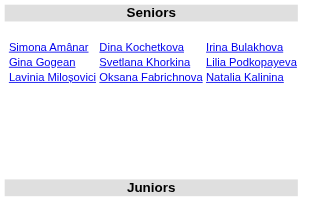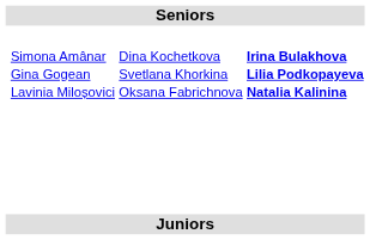 <table>
 <tr bgcolor="DFDFDF">
 <td colspan="5" align="center"><strong>Seniors</strong></td>
 </tr>
 <tr>
 <th scope=row style="text-align:left"><br></th>
 <td><br><small><a href='#'>Simona Amânar</a><br><a href='#'>Gina Gogean</a><br><a href='#'>Lavinia Miloșovici</a></small></td>
 <td><br><small><a href='#'>Dina Kochetkova</a><br><a href='#'>Svetlana Khorkina</a><br><a href='#'>Oksana Fabrichnova</a></small></td>
-<td><br><small><a href='#'>Irina Bulakhova</a><br><a href='#'>Lilia Podkopayeva</a><br><a href='#'>Natalia Kalinina</a></small></td>
+<td><strong><br><small><a href='#'>Irina Bulakhova</a><br><a href='#'>Lilia Podkopayeva</a><br><a href='#'>Natalia Kalinina</a></small></strong></td>
 </tr>
 <tr>
 <th scope=row style="text-align:left"><br></th>
 <td></td>
 <td><br></td>
 <td></td>
 </tr>
 <tr>
 <th scope=row style="text-align:left"><br></th>
 <td></td>
 <td></td>
 <td></td>
 </tr>
 <tr>
 <th scope=row style="text-align:left"><br></th>
 <td></td>
 <td></td>
 <td></td>
 </tr>
 <tr>
 <th scope=row style="text-align:left"><br></th>
 <td></td>
 <td></td>
 <td></td>
 </tr>
 <tr>
 <th scope=row style="text-align:left"><br></th>
 <td></td>
 <td></td>
 <td><br></td>
 </tr>
 <tr bgcolor="DFDFDF">
 <td colspan="5" align="center"><strong>Juniors</strong></td>
 </tr>
 <tr>
 <th scope=row style="text-align:left"><br></th>
 <td></td>
 <td></td>
 <td></td>
 </tr>
 <tr>
 <th scope=row style="text-align:left"><br></th>
 <td></td>
 <td></td>
 <td></td>
 </tr>
 <tr>
 <th scope=row style="text-align:left"><br></th>
 <td></td>
 <td></td>
 <td></td>
 </tr>
 <tr>
 <th scope=row style="text-align:left"><br></th>
 <td></td>
 <td></td>
 <td></td>
 </tr>
 <tr>
 <th scope=row style="text-align:left"><br></th>
 <td></td>
 <td></td>
 <td></td>
 </tr>
 </table>
